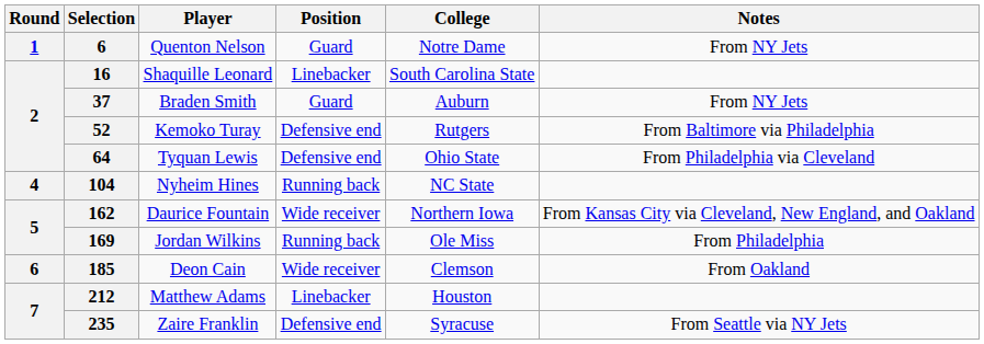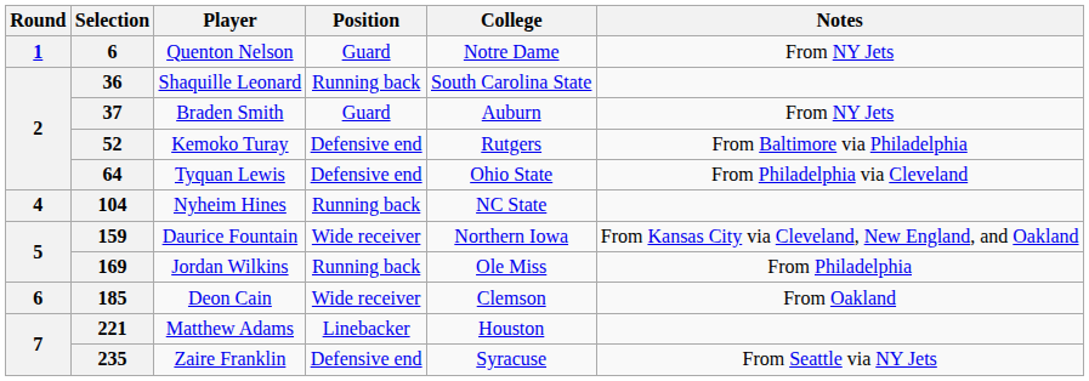 <table class="wikitable" style="text-align:center">
 <tr>
 <th>Round</th>
 <th>Selection</th>
 <th>Player</th>
 <th>Position</th>
 <th>College</th>
 <th>Notes</th>
 </tr>
 <tr>
 <th><a href='#'>1</a></th>
 <th>6</th>
 <td><a href='#'>Quenton Nelson</a></td>
 <td><a href='#'>Guard</a></td>
 <td><a href='#'>Notre Dame</a></td>
 <td>From <a href='#'>NY Jets</a></td>
 </tr>
 <tr>
 <th rowspan="4">2</th>
-<th>16</th>
+<th>36</th>
 <td><a href='#'>Shaquille Leonard</a></td>
-<td><a href='#'>Linebacker</a></td>
+<td><a href='#'>Running back</a></td>
 <td><a href='#'>South Carolina State</a></td>
 <td></td>
 </tr>
 <tr>
 <th>37</th>
 <td><a href='#'>Braden Smith</a></td>
 <td><a href='#'>Guard</a></td>
 <td><a href='#'>Auburn</a></td>
 <td>From <a href='#'>NY Jets</a></td>
 </tr>
 <tr>
 <th>52</th>
 <td><a href='#'>Kemoko Turay</a></td>
 <td><a href='#'>Defensive end</a></td>
 <td><a href='#'>Rutgers</a></td>
 <td>From <a href='#'>Baltimore</a> via <a href='#'>Philadelphia</a></td>
 </tr>
 <tr>
 <th>64</th>
 <td><a href='#'>Tyquan Lewis</a></td>
 <td><a href='#'>Defensive end</a></td>
 <td><a href='#'>Ohio State</a></td>
 <td>From <a href='#'>Philadelphia</a> via <a href='#'>Cleveland</a></td>
 </tr>
 <tr>
 <th>4</th>
 <th>104</th>
 <td><a href='#'>Nyheim Hines</a></td>
 <td><a href='#'>Running back</a></td>
 <td><a href='#'>NC State</a></td>
 <td></td>
 </tr>
 <tr>
 <th rowspan="2">5</th>
-<th>162</th>
+<th>159</th>
 <td><a href='#'>Daurice Fountain</a></td>
 <td><a href='#'>Wide receiver</a></td>
 <td><a href='#'>Northern Iowa</a></td>
 <td>From <a href='#'>Kansas City</a> via <a href='#'>Cleveland</a>, <a href='#'>New England</a>, and <a href='#'>Oakland</a></td>
 </tr>
 <tr>
 <th>169</th>
 <td><a href='#'>Jordan Wilkins</a></td>
 <td><a href='#'>Running back</a></td>
 <td><a href='#'>Ole Miss</a></td>
 <td>From <a href='#'>Philadelphia</a></td>
 </tr>
 <tr>
 <th>6</th>
 <th>185</th>
 <td><a href='#'>Deon Cain</a></td>
 <td><a href='#'>Wide receiver</a></td>
 <td><a href='#'>Clemson</a></td>
 <td>From <a href='#'>Oakland</a></td>
 </tr>
 <tr>
 <th rowspan="2">7</th>
-<th>212</th>
+<th>221</th>
 <td><a href='#'>Matthew Adams</a></td>
 <td><a href='#'>Linebacker</a></td>
 <td><a href='#'>Houston</a></td>
 <td></td>
 </tr>
 <tr>
 <th>235</th>
 <td><a href='#'>Zaire Franklin</a></td>
 <td><a href='#'>Defensive end</a></td>
 <td><a href='#'>Syracuse</a></td>
 <td>From <a href='#'>Seattle</a> via <a href='#'>NY Jets</a></td>
 </tr>
 </table>
